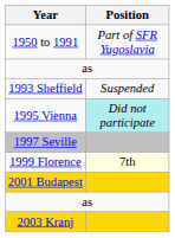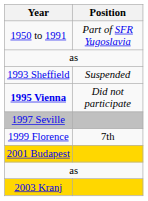 <table class="wikitable" style="text-align: center;">
 <tr>
 <th>Year</th>
 <th width="100">Position</th>
 </tr>
 <tr>
 <td style="text-align: middle;"><a href='#'>1950</a> to <a href='#'>1991</a></td>
 <td colspan=4><em>Part of <a href='#'>SFR Yugoslavia</a></em></td>
 </tr>
 <tr>
 <td colspan=2>as <strong></strong></td>
 </tr>
 <tr>
 <td> <a href='#'>1993 Sheffield</a></td>
 <td><em>Suspended</em></td>
 </tr>
 <tr>
-<td> <a href='#'>1995 Vienna</a></td>
-<td style="background: paleturquoise;"><em>Did not participate</em></td>
+<td><strong> <a href='#'>1995 Vienna</a></strong></td>
+<td><em>Did not participate</em></td>
 </tr>
 <tr bgcolor=silver>
 <td> <a href='#'>1997 Seville</a></td>
 <td></td>
 </tr>
 <tr>
 <td> <a href='#'>1999 Florence</a></td>
-<td style="background: lightyellow;">7th</td>
+<td>7th</td>
 </tr>
 <tr bgcolor=gold>
 <td> <a href='#'>2001 Budapest</a></td>
 <td></td>
 </tr>
 <tr>
 <td colspan=2>as <strong></strong></td>
 </tr>
 <tr bgcolor=gold>
 <td> <a href='#'>2003 Kranj</a></td>
 <td></td>
 </tr>
 </table>
